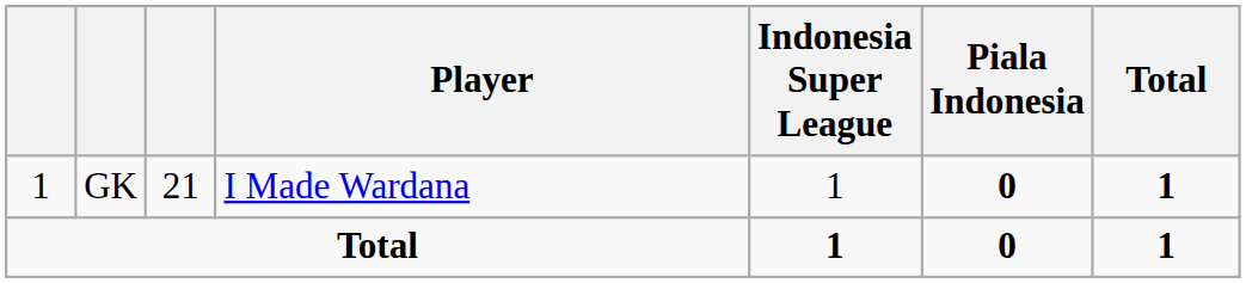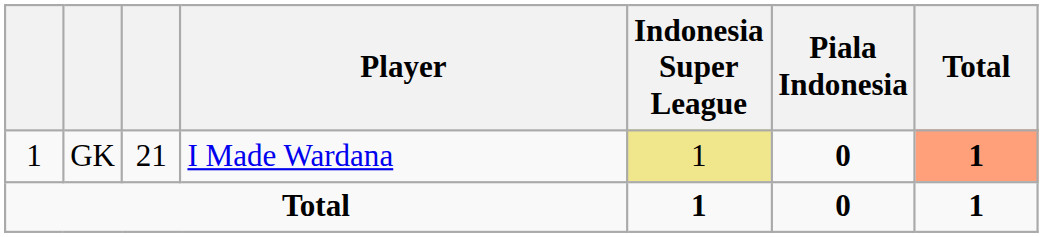 <table class="wikitable" style="font-size: 90%; text-align: center;">
 <tr>
 <th width=20></th>
 <th width=20></th>
 <th width=20></th>
 <th width=200>Player</th>
 <th width=50>Indonesia Super League</th>
 <th width=50>Piala Indonesia</th>
 <th width=50><strong>Total</strong></th>
 </tr>
 <tr>
 <td>1</td>
 <td>GK</td>
 <td>21</td>
 <td align=left> <a href='#'>I Made Wardana</a></td>
-<td>1</td>
+<td style="background: khaki;">1</td>
 <td><strong>0</strong></td>
-<td><strong>1</strong></td>
+<td style="background: lightsalmon;"><strong>1</strong></td>
 </tr>
 <tr>
 <td colspan="4"><strong>Total</strong></td>
 <td><strong>1</strong></td>
 <td><strong>0</strong></td>
 <td><strong>1</strong></td>
 </tr>
 </table>
